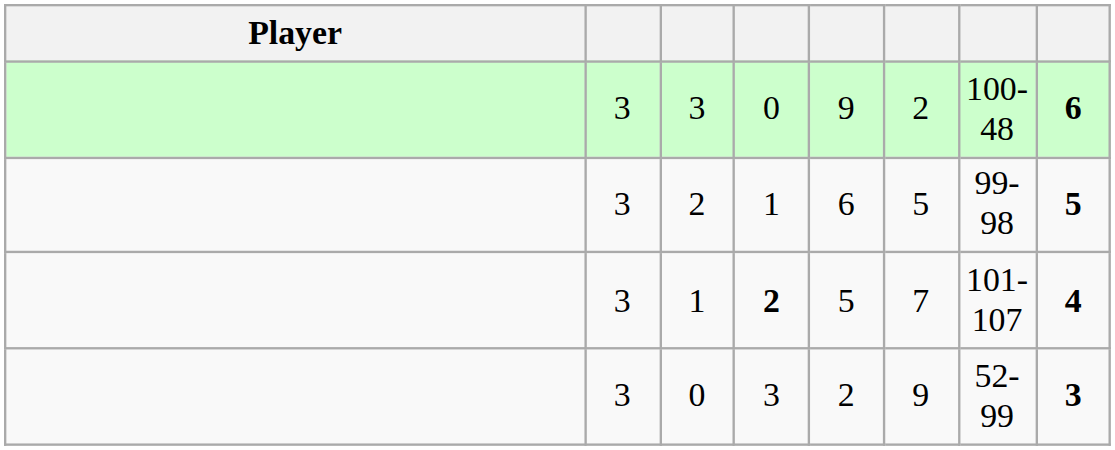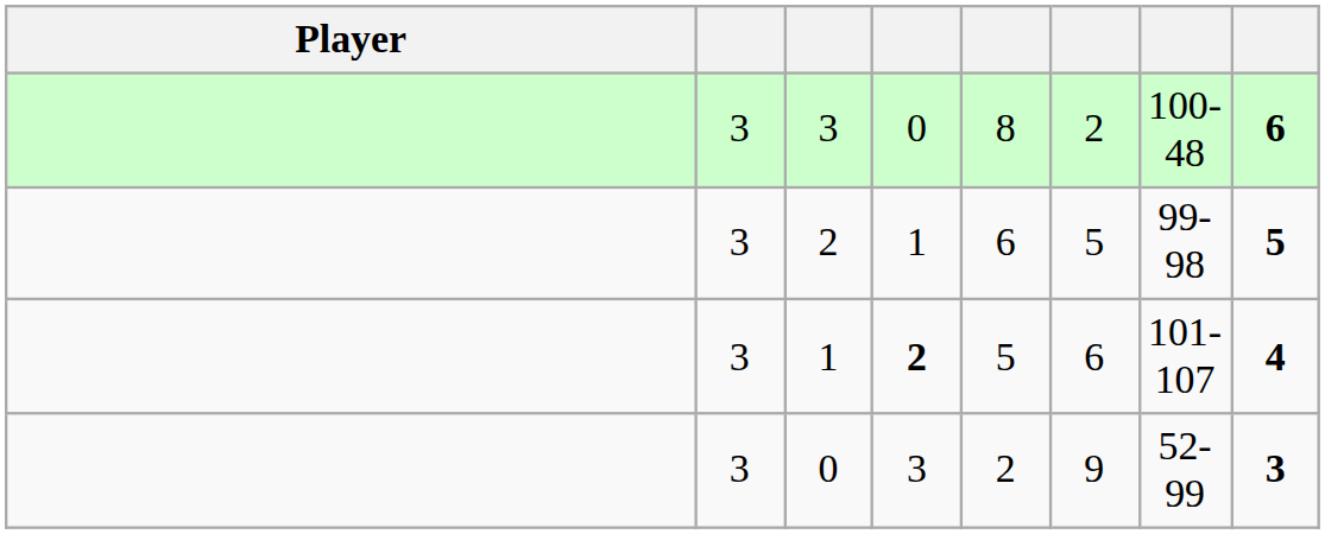 <table class="wikitable" style="text-align: center; font-size:90% ">
 <tr>
 <th width=240>Player</th>
 <th width=25></th>
 <th width=25></th>
 <th width=25></th>
 <th width=25></th>
 <th width=25></th>
 <th width=25></th>
 <th width=25></th>
 </tr>
 <tr bgcolor="ccffcc">
 <td align=left></td>
 <td>3</td>
 <td>3</td>
 <td>0</td>
-<td>9</td>
+<td>8</td>
 <td>2</td>
 <td>100-48</td>
 <td><strong>6</strong></td>
 </tr>
 <tr>
 <td align=left></td>
 <td>3</td>
 <td>2</td>
 <td>1</td>
 <td>6</td>
 <td>5</td>
 <td>99-98</td>
 <td><strong>5</strong></td>
 </tr>
 <tr>
 <td align=left></td>
 <td>3</td>
 <td>1</td>
 <td><strong>2</strong></td>
 <td>5</td>
-<td>7</td>
+<td>6</td>
 <td>101-107</td>
 <td><strong>4</strong></td>
 </tr>
 <tr>
 <td align=left></td>
 <td>3</td>
 <td>0</td>
 <td>3</td>
 <td>2</td>
 <td>9</td>
 <td>52-99</td>
 <td><strong>3</strong></td>
 </tr>
 </table>
